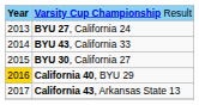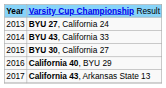 <table class="wikitable" style="font-size:85%;">
 <tr ! style="background-color: #87D3F8;">
 <td><strong>Year</strong></td>
 <td><strong><a href='#'>Varsity Cup Championship</a></strong> Result</td>
 </tr>
 <tr --->
 <td>2013</td>
 <td><strong>BYU 27</strong>, California 24</td>
 </tr>
 <tr --->
 <td>2014</td>
 <td><strong>BYU 43</strong>, California 33</td>
 </tr>
 <tr --->
 <td>2015</td>
 <td><strong>BYU 30</strong>, California 27</td>
 </tr>
 <tr --->
-<td style="background: gold;">2016</td>
+<td>2016</td>
 <td><strong>California 40</strong>, BYU 29</td>
 </tr>
 <tr --->
 <td>2017</td>
 <td><strong>California 43</strong>, Arkansas State 13</td>
 </tr>
 <tr --->
 </tr>
 </table>
